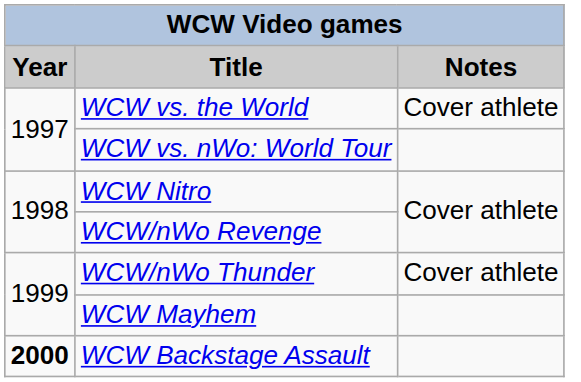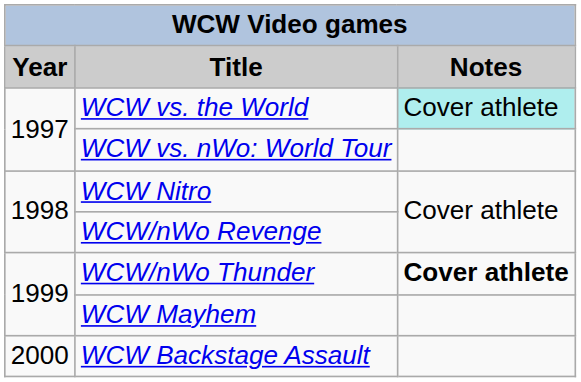 <table class="wikitable sortable">
 <tr style="text-align:center;">
 <th colspan=4 style="background:#B0C4DE;">WCW Video games</th>
 </tr>
 <tr style="text-align:center;">
 <th style="background:#ccc;">Year</th>
 <th style="background:#ccc;">Title</th>
 <th style="background:#ccc;">Notes</th>
 </tr>
 <tr>
 <td rowspan="2">1997</td>
 <td><em><a href='#'>WCW vs. the World</a></em></td>
-<td Video game debut >Cover athlete</td>
+<td Video game debut  style="background: paleturquoise;">Cover athlete</td>
 </tr>
 <tr>
 <td><em><a href='#'>WCW vs. nWo: World Tour</a></em></td>
 </tr>
 <tr>
 <td rowspan="2">1998</td>
 <td><em><a href='#'>WCW Nitro</a></em></td>
 <td rowspan="2">Cover athlete</td>
 </tr>
 <tr>
 <td><em><a href='#'>WCW/nWo Revenge</a></em></td>
 </tr>
 <tr>
 <td rowspan="2">1999</td>
 <td><em><a href='#'>WCW/nWo Thunder</a></em></td>
-<td>Cover athlete</td>
+<td><strong>Cover athlete</strong></td>
 </tr>
 <tr>
 <td><em><a href='#'>WCW Mayhem</a></em></td>
 <td></td>
 </tr>
 <tr>
-<td><strong>2000</strong></td>
+<td>2000</td>
 <td><em><a href='#'>WCW Backstage Assault</a></em></td>
 <td></td>
 </tr>
 </table>
